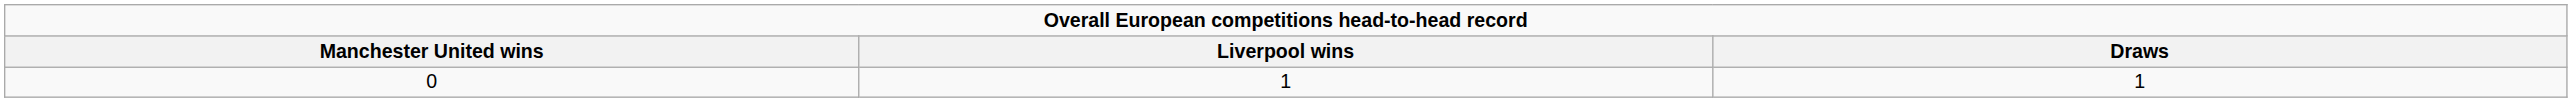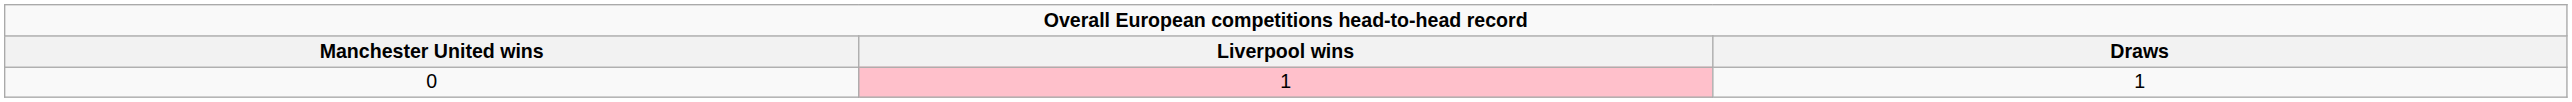 <table class="wikitable" style="font-size:90%;width:95%;text-align:center">
 <tr>
 <td colspan="3"><strong>Overall European competitions head-to-head record</strong></td>
 </tr>
 <tr>
 <th width="33%">Manchester United wins</th>
 <th width="33%">Liverpool wins</th>
 <th width="33%">Draws</th>
 </tr>
 <tr>
 <td>0</td>
-<td>1</td>
+<td style="background: pink;">1</td>
 <td>1</td>
 </tr>
 </table>
